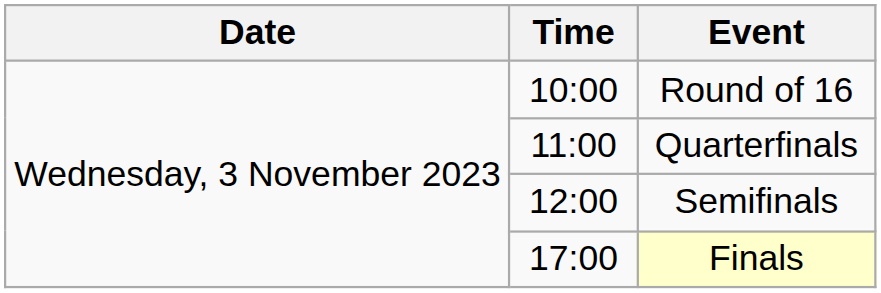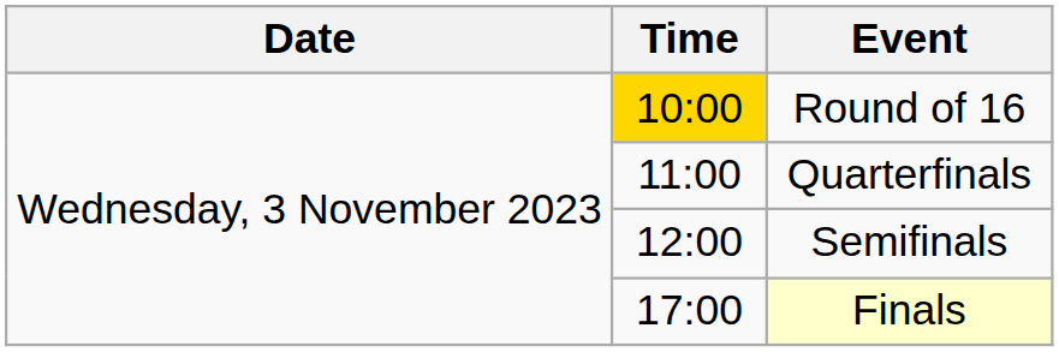 <table class = "wikitable" style="text-align:center;">
 <tr>
 <th width=220>Date</th>
 <th width=50>Time</th>
 <th width=100>Event</th>
 </tr>
 <tr>
 <td rowspan=5>Wednesday, 3 November 2023</td>
-<td>10:00</td>
+<td style="background: gold;">10:00</td>
 <td>Round of 16</td>
 </tr>
 <tr>
 <td>11:00</td>
 <td>Quarterfinals</td>
 </tr>
 <tr>
 <td>12:00</td>
 <td>Semifinals</td>
 </tr>
 <tr>
 <td>17:00</td>
 <td bgcolor=ffffcc>Finals</td>
 </tr>
 </table>
